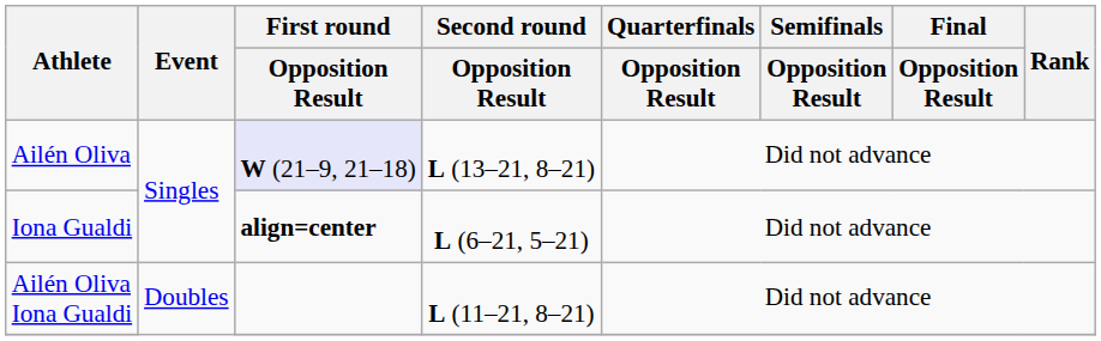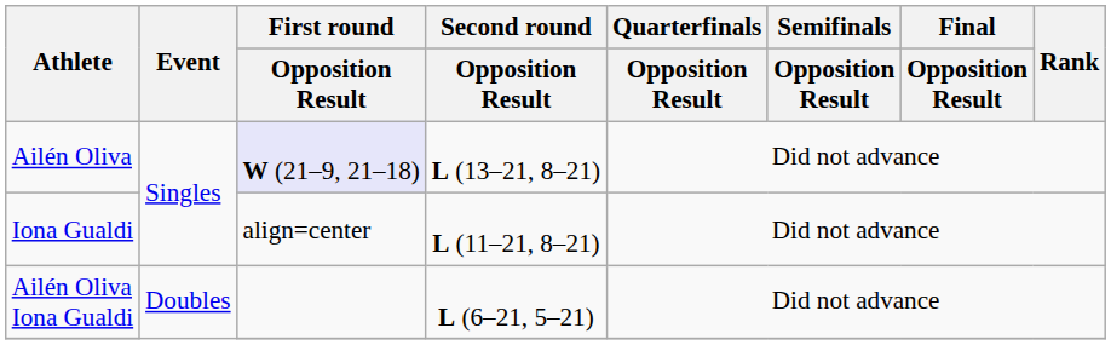 <table class="wikitable" style="font-size:90%">
 <tr>
 <th rowspan="2">Athlete</th>
 <th rowspan="2">Event</th>
 <th>First round</th>
 <th>Second round</th>
 <th>Quarterfinals</th>
 <th>Semifinals</th>
 <th>Final</th>
 <th rowspan="2">Rank</th>
 </tr>
 <tr>
 <th>Opposition<br>Result</th>
 <th>Opposition<br>Result</th>
 <th>Opposition<br>Result</th>
 <th>Opposition<br>Result</th>
 <th>Opposition<br>Result</th>
 </tr>
 <tr>
 <td><a href='#'>Ailén Oliva</a></td>
 <td rowspan=2><a href='#'>Singles</a></td>
 <td align=center style="background: lavender;"><br><strong>W</strong> (21–9, 21–18)</td>
 <td align=center><br><strong>L</strong> (13–21, 8–21)</td>
 <td align=center colspan=4>Did not advance</td>
 </tr>
 <tr>
 <td><a href='#'>Iona Gualdi</a></td>
-<td><strong>align=center </strong></td>
-<td align=center><br><strong>L</strong> (6–21, 5–21)</td>
+<td>align=center </td>
+<td align=center><br><strong>L</strong> (11–21, 8–21)</td>
 <td align=center colspan=4>Did not advance</td>
 </tr>
 <tr>
 <td><a href='#'>Ailén Oliva</a><br><a href='#'>Iona Gualdi</a></td>
 <td rowspan=2><a href='#'>Doubles</a></td>
 <td></td>
-<td align=center><br><strong>L</strong> (11–21, 8–21)</td>
+<td align=center><br><strong>L</strong> (6–21, 5–21)</td>
 <td align=center colspan=4>Did not advance</td>
 </tr>
 <tr>
 </tr>
 </table>
